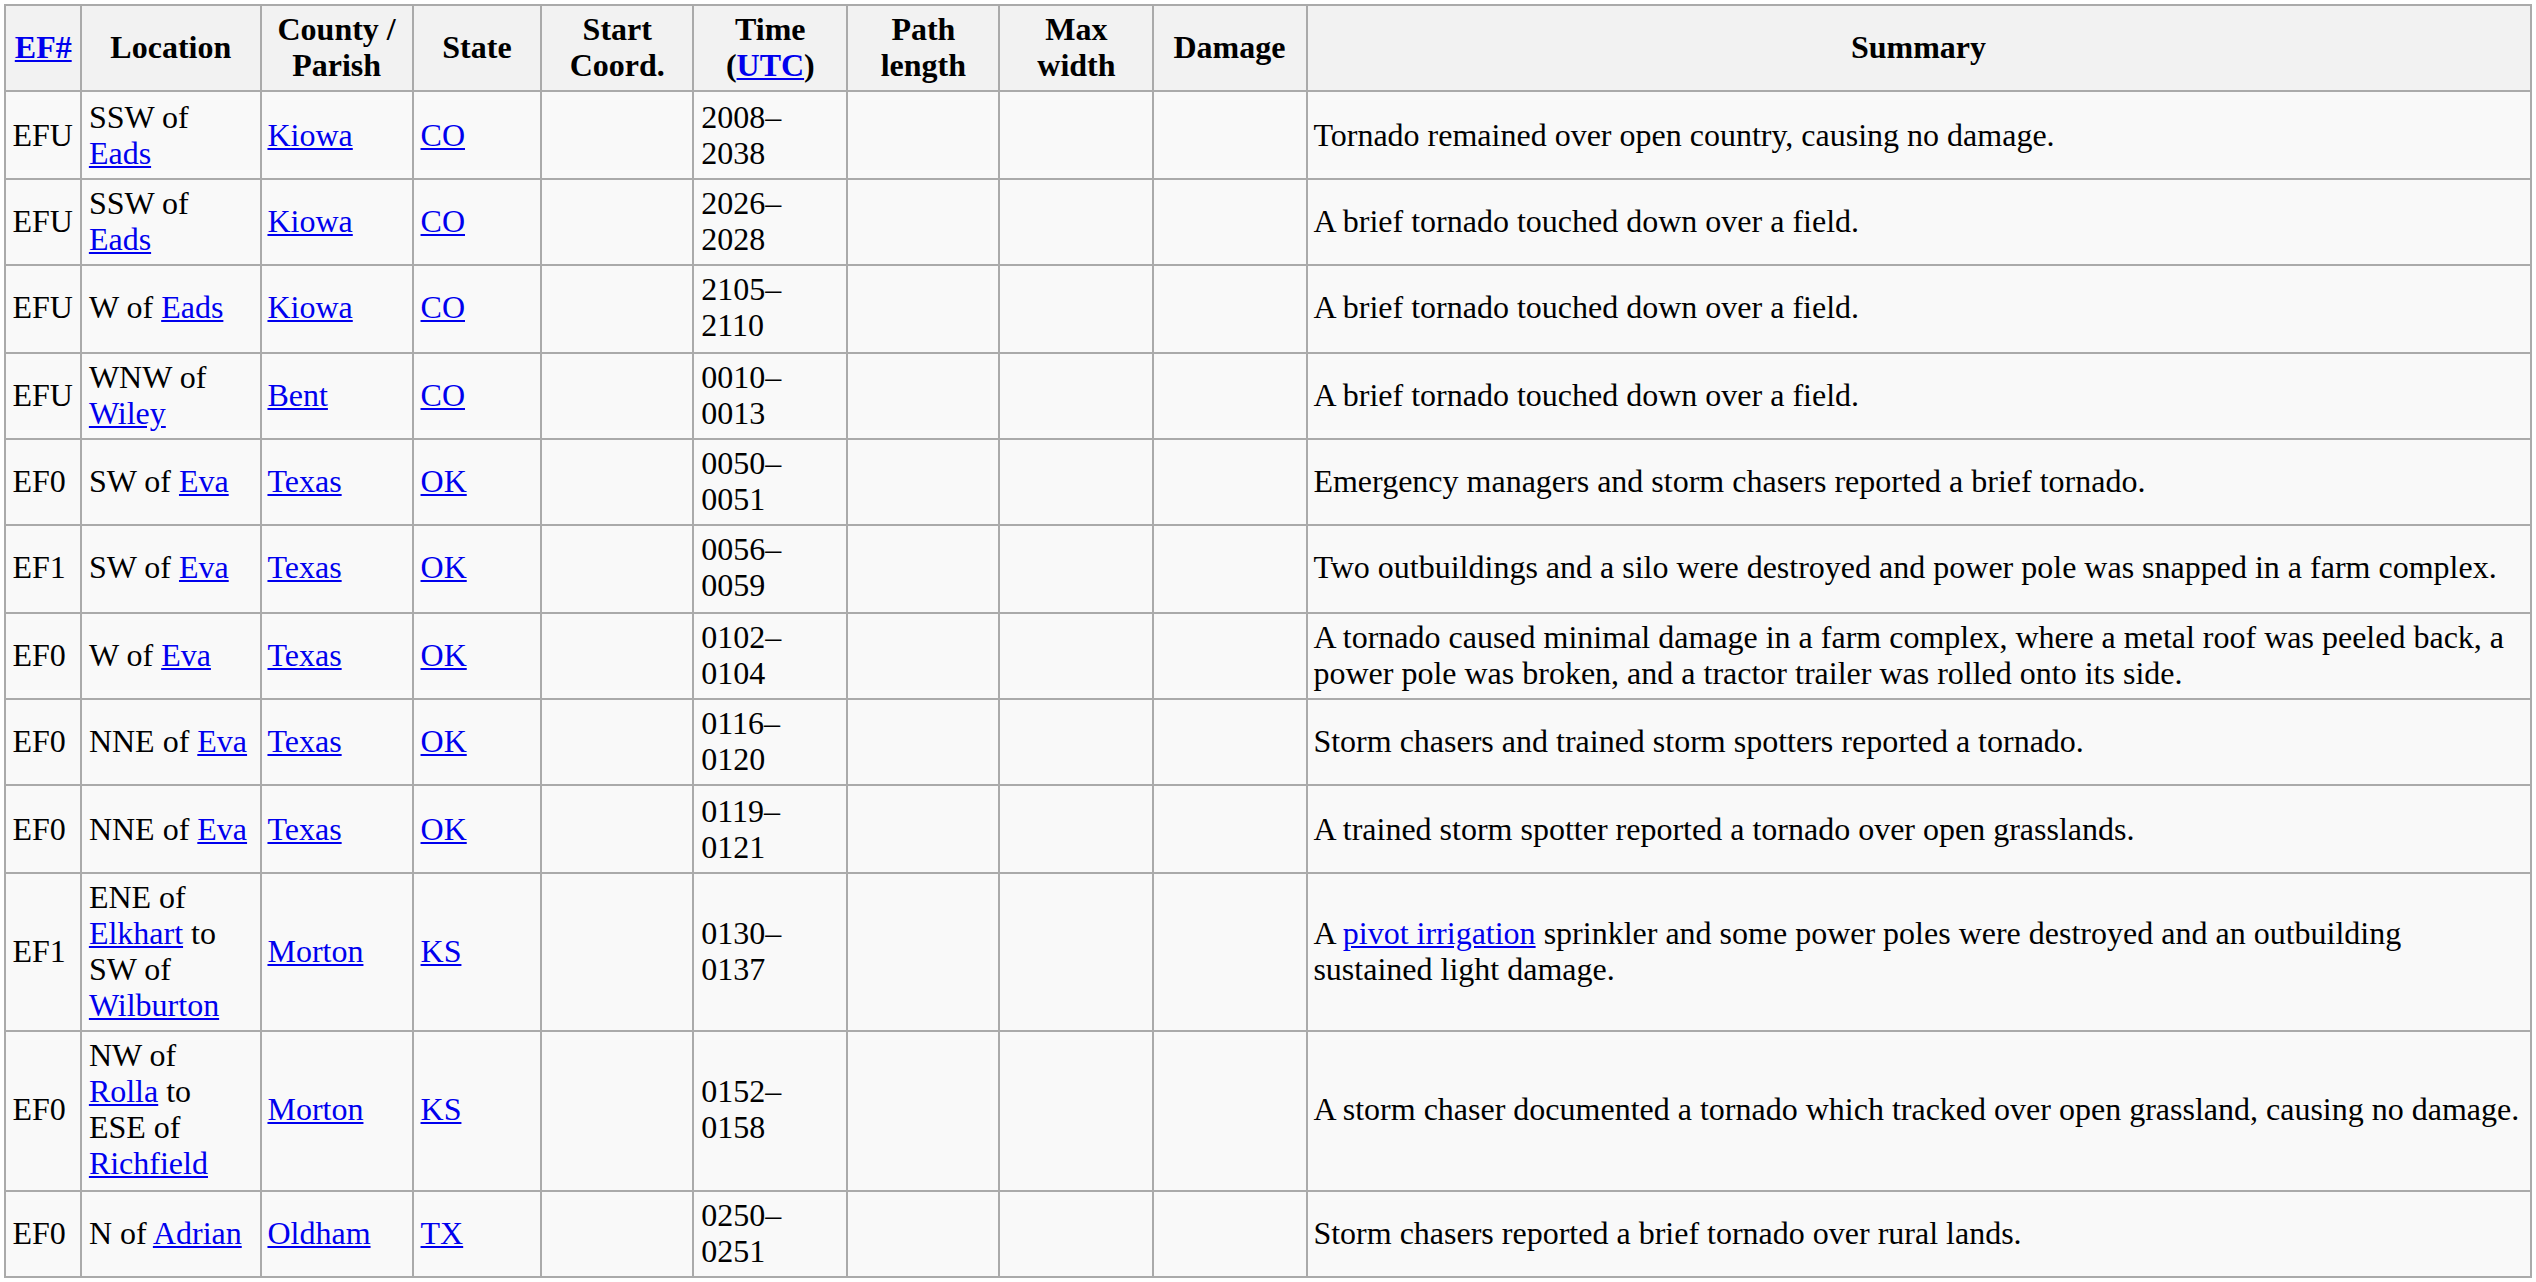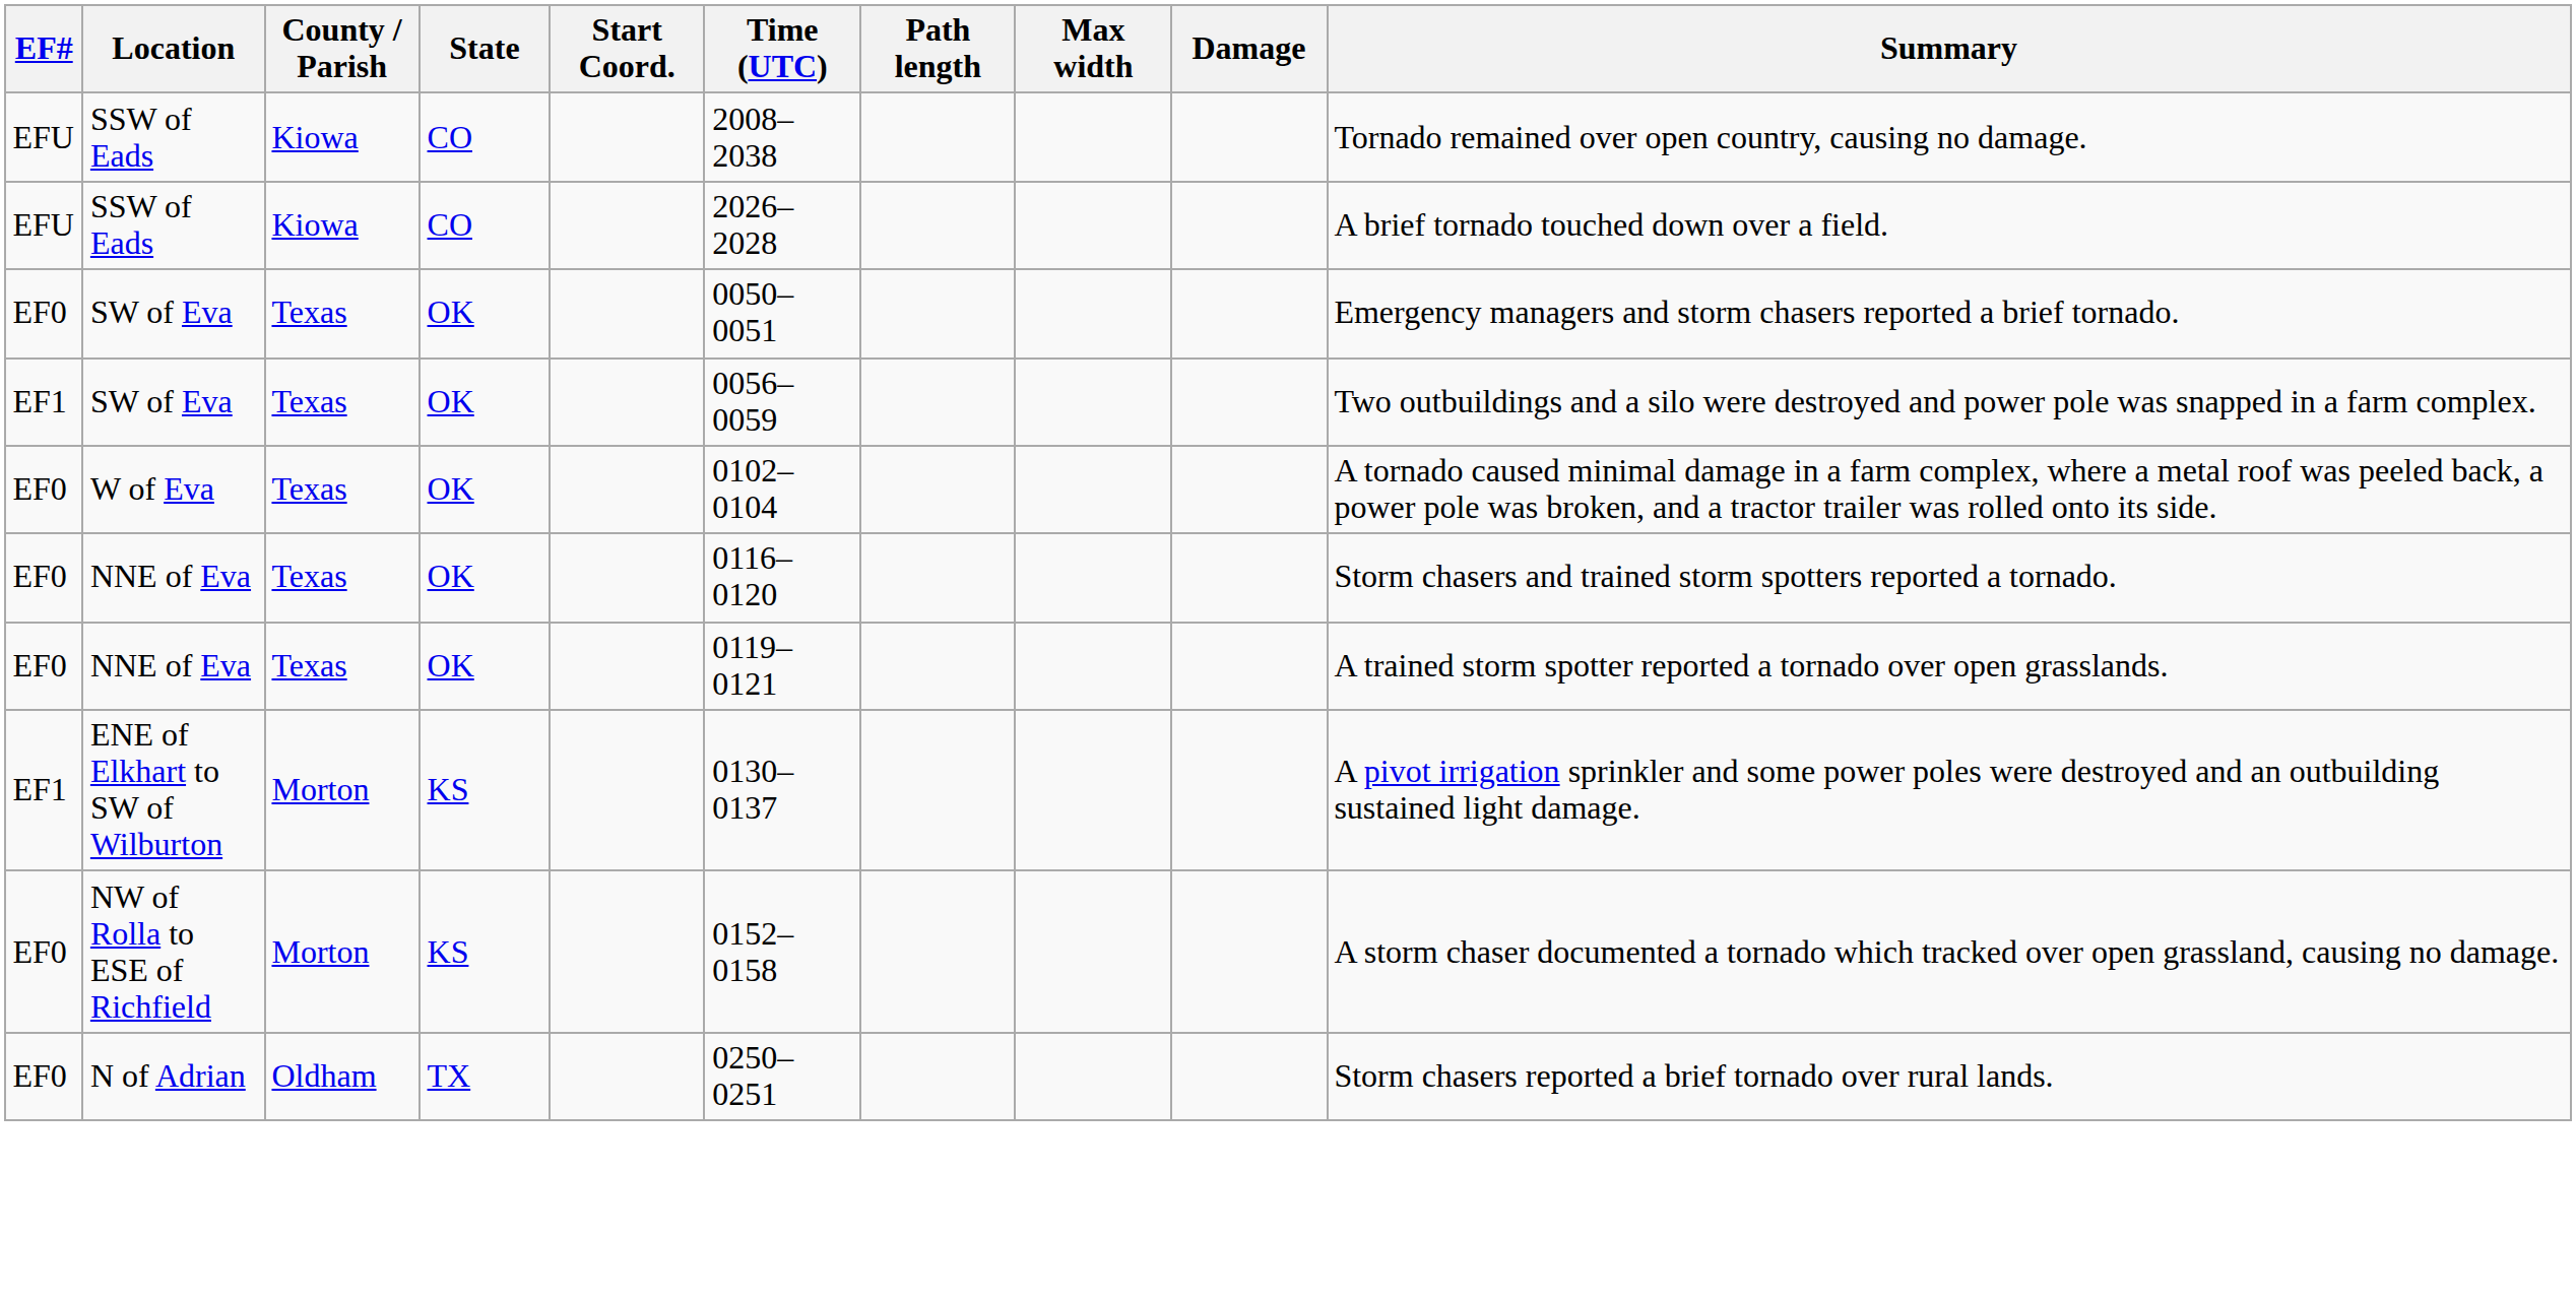 <table class="wikitable sortable" style="width:100%;">
 <tr>
 <th scope="col" width="3%" align="center"><a href='#'>EF#</a></th>
 <th scope="col" width="7%" align="center" class="unsortable">Location</th>
 <th scope="col" width="6%" align="center" class="unsortable">County / Parish</th>
 <th scope="col" width="5%" align="center">State</th>
 <th scope="col" width="6%" align="center">Start Coord.</th>
 <th scope="col" width="6%" align="center">Time (<a href='#'>UTC</a>)</th>
 <th scope="col" width="6%" align="center">Path length</th>
 <th scope="col" width="6%" align="center">Max width</th>
 <th scope="col" width="6%" align="center">Damage</th>
 <th scope="col" width="48%" class="unsortable" align="center">Summary</th>
 </tr>
 <tr>
 <td>EFU</td>
 <td>SSW of <a href='#'>Eads</a></td>
 <td><a href='#'>Kiowa</a></td>
 <td><a href='#'>CO</a></td>
 <td></td>
 <td>2008–2038</td>
 <td></td>
 <td></td>
 <td></td>
 <td>Tornado remained over open country, causing no damage.</td>
 </tr>
 <tr>
 <td>EFU</td>
 <td>SSW of <a href='#'>Eads</a></td>
 <td><a href='#'>Kiowa</a></td>
 <td><a href='#'>CO</a></td>
 <td></td>
 <td>2026–2028</td>
-<td></td>
-<td></td>
-<td></td>
-<td>A brief tornado touched down over a field.</td>
-</tr>
-<tr>
-<td>EFU</td>
-<td>W of <a href='#'>Eads</a></td>
-<td><a href='#'>Kiowa</a></td>
-<td><a href='#'>CO</a></td>
-<td></td>
-<td>2105–2110</td>
-<td></td>
-<td></td>
-<td></td>
-<td>A brief tornado touched down over a field.</td>
-</tr>
-<tr>
-<td>EFU</td>
-<td>WNW of <a href='#'>Wiley</a></td>
-<td><a href='#'>Bent</a></td>
-<td><a href='#'>CO</a></td>
-<td></td>
-<td>0010–0013</td>
 <td></td>
 <td></td>
 <td></td>
 <td>A brief tornado touched down over a field.</td>
 </tr>
 <tr>
 <td>EF0</td>
 <td>SW of <a href='#'>Eva</a></td>
 <td><a href='#'>Texas</a></td>
 <td><a href='#'>OK</a></td>
 <td></td>
 <td>0050–0051</td>
 <td></td>
 <td></td>
 <td></td>
 <td>Emergency managers and storm chasers reported a brief tornado.</td>
 </tr>
 <tr>
 <td>EF1</td>
 <td>SW of <a href='#'>Eva</a></td>
 <td><a href='#'>Texas</a></td>
 <td><a href='#'>OK</a></td>
 <td></td>
 <td>0056–0059</td>
 <td></td>
 <td></td>
 <td></td>
 <td>Two outbuildings and a silo were destroyed and power pole was snapped in a farm complex.</td>
 </tr>
 <tr>
 <td>EF0</td>
 <td>W of <a href='#'>Eva</a></td>
 <td><a href='#'>Texas</a></td>
 <td><a href='#'>OK</a></td>
 <td></td>
 <td>0102–0104</td>
 <td></td>
 <td></td>
 <td></td>
 <td>A tornado caused minimal damage in a farm complex, where a metal roof was peeled back, a power pole was broken, and a tractor trailer was rolled onto its side.</td>
 </tr>
 <tr>
 <td>EF0</td>
 <td>NNE of <a href='#'>Eva</a></td>
 <td><a href='#'>Texas</a></td>
 <td><a href='#'>OK</a></td>
 <td></td>
 <td>0116–0120</td>
 <td></td>
 <td></td>
 <td></td>
 <td>Storm chasers and trained storm spotters reported a tornado.</td>
 </tr>
 <tr>
 <td>EF0</td>
 <td>NNE of <a href='#'>Eva</a></td>
 <td><a href='#'>Texas</a></td>
 <td><a href='#'>OK</a></td>
 <td></td>
 <td>0119–0121</td>
 <td></td>
 <td></td>
 <td></td>
 <td>A trained storm spotter reported a tornado over open grasslands.</td>
 </tr>
 <tr>
 <td>EF1</td>
 <td>ENE of <a href='#'>Elkhart</a> to SW of <a href='#'>Wilburton</a></td>
 <td><a href='#'>Morton</a></td>
 <td><a href='#'>KS</a></td>
 <td></td>
 <td>0130–0137</td>
 <td></td>
 <td></td>
 <td></td>
 <td>A <a href='#'>pivot irrigation</a> sprinkler and some power poles were destroyed and an outbuilding sustained light damage.</td>
 </tr>
 <tr>
 <td>EF0</td>
 <td>NW of <a href='#'>Rolla</a> to ESE of <a href='#'>Richfield</a></td>
 <td><a href='#'>Morton</a></td>
 <td><a href='#'>KS</a></td>
 <td></td>
 <td>0152–0158</td>
 <td></td>
 <td></td>
 <td></td>
 <td>A storm chaser documented a tornado which tracked over open grassland, causing no damage.</td>
 </tr>
 <tr>
 <td>EF0</td>
 <td>N of <a href='#'>Adrian</a></td>
 <td><a href='#'>Oldham</a></td>
 <td><a href='#'>TX</a></td>
 <td></td>
 <td>0250–0251</td>
 <td></td>
 <td></td>
 <td></td>
 <td>Storm chasers reported a brief tornado over rural lands.</td>
 </tr>
 <tr>
 </tr>
 </table>
